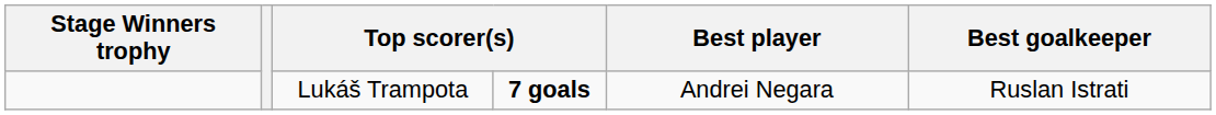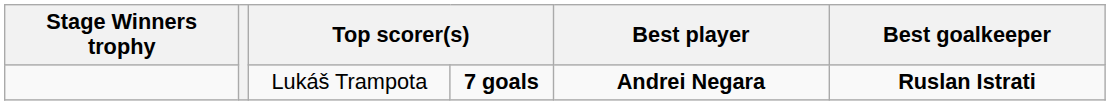 <table class="wikitable" style="text-align: center; font-size: 97%;">
 <tr>
 <th width=160>Stage Winners trophy</th>
 <th rowspan=2></th>
 <th colspan=2 width=210>Top scorer(s)</th>
 <th width=190>Best player</th>
 <th width=190>Best goalkeeper</th>
 </tr>
 <tr align=center style="background:">
 <td style="text-align:center;"></td>
 <td> Lukáš Trampota</td>
 <td><strong>7 goals</strong></td>
-<td> Andrei Negara</td>
-<td> Ruslan Istrati</td>
+<td><strong> Andrei Negara</strong></td>
+<td><strong> Ruslan Istrati</strong></td>
 </tr>
 </table>
